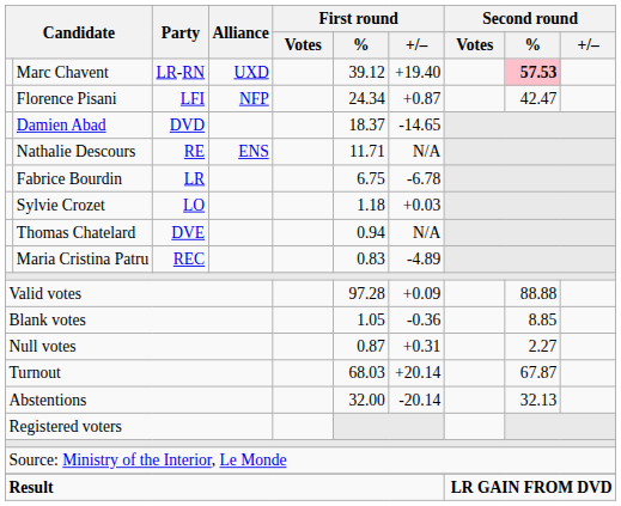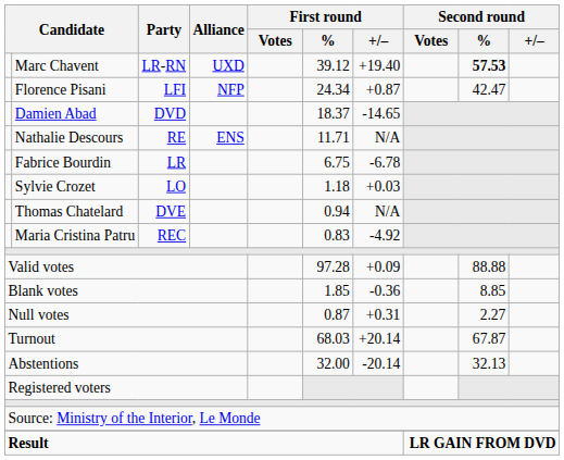 <table class="wikitable" style="text-align:right;font-size:95%;">
 <tr>
 <th rowspan="2" colspan="2">Candidate</th>
 <th rowspan="2">Party</th>
 <th rowspan="2">Alliance</th>
 <th colspan="3">First round</th>
 <th colspan="3">Second round</th>
 </tr>
 <tr>
 <th style="width:50px;">Votes</th>
 <th style="width:45px;">%</th>
 <th style="width:45px;">+/–</th>
 <th style="width:50px;">Votes</th>
 <th style="width:45px;">%</th>
 <th style="width:45px;">+/–</th>
 </tr>
 <tr>
 <td style="color:inherit;background:"></td>
 <td style="text-align:left;">Marc Chavent</td>
 <td><a href='#'>LR</a>-<a href='#'>RN</a></td>
 <td><a href='#'>UXD</a></td>
 <td></td>
 <td>39.12</td>
 <td>+19.40</td>
 <td><strong></strong></td>
-<td style="background: pink;"><strong>57.53</strong></td>
+<td><strong>57.53</strong></td>
 <td></td>
 </tr>
 <tr>
 <td style="color:inherit;background:"></td>
 <td style="text-align:left;">Florence Pisani</td>
 <td><a href='#'>LFI</a></td>
 <td><a href='#'>NFP</a></td>
 <td></td>
 <td>24.34</td>
 <td>+0.87</td>
 <td></td>
 <td>42.47</td>
 <td></td>
 </tr>
 <tr>
 <td style="color:inherit;background:"></td>
 <td style="text-align:left;"><a href='#'>Damien Abad</a></td>
 <td><a href='#'>DVD</a></td>
 <td></td>
 <td></td>
 <td>18.37</td>
 <td>-14.65</td>
 <td colspan="3" style="background:#E9E9E9;"></td>
 </tr>
 <tr>
 <td style="color:inherit;background:"></td>
 <td style="text-align:left;">Nathalie Descours</td>
 <td><a href='#'>RE</a></td>
 <td><a href='#'>ENS</a></td>
 <td></td>
 <td>11.71</td>
 <td>N/A</td>
 <td colspan="3" style="background:#E9E9E9;"></td>
 </tr>
 <tr>
 <td style="color:inherit;background:"></td>
 <td style="text-align:left;">Fabrice Bourdin</td>
 <td><a href='#'>LR</a></td>
 <td></td>
 <td></td>
 <td>6.75</td>
 <td>-6.78</td>
 <td colspan="3" style="background:#E9E9E9;"></td>
 </tr>
 <tr>
 <td style="color:inherit;background:"></td>
 <td style="text-align:left;">Sylvie Crozet</td>
 <td><a href='#'>LO</a></td>
 <td></td>
 <td></td>
 <td>1.18</td>
 <td>+0.03</td>
 <td colspan="3" style="background:#E9E9E9;"></td>
 </tr>
 <tr>
 <td style="color:inherit;background:"></td>
 <td style="text-align:left;">Thomas Chatelard</td>
 <td><a href='#'>DVE</a></td>
 <td></td>
 <td></td>
 <td>0.94</td>
 <td>N/A</td>
 <td colspan="3" style="background:#E9E9E9;"></td>
 </tr>
 <tr>
 <td style="color:inherit;background:"></td>
 <td style="text-align:left;">Maria Cristina Patru</td>
 <td><a href='#'>REC</a></td>
 <td></td>
 <td></td>
 <td>0.83</td>
-<td>-4.89</td>
+<td>-4.92</td>
 <td colspan="3" style="background:#E9E9E9;"></td>
 </tr>
 <tr>
 <td colspan="10" style="background:#E9E9E9;"></td>
 </tr>
 <tr>
 <td colspan="4" style="text-align:left;">Valid votes</td>
 <td></td>
 <td>97.28</td>
 <td>+0.09</td>
 <td></td>
 <td>88.88</td>
 <td></td>
 </tr>
 <tr>
 <td colspan="4" style="text-align:left;">Blank votes</td>
 <td></td>
-<td>1.05</td>
+<td>1.85</td>
 <td>-0.36</td>
 <td></td>
 <td>8.85</td>
 <td></td>
 </tr>
 <tr>
 <td colspan="4" style="text-align:left;">Null votes</td>
 <td></td>
 <td>0.87</td>
 <td>+0.31</td>
 <td></td>
 <td>2.27</td>
 <td></td>
 </tr>
 <tr>
 <td colspan="4" style="text-align:left;">Turnout</td>
 <td></td>
 <td>68.03</td>
 <td>+20.14</td>
 <td></td>
 <td>67.87</td>
 <td></td>
 </tr>
 <tr>
 <td colspan="4" style="text-align:left;">Abstentions</td>
 <td></td>
 <td>32.00</td>
 <td>-20.14</td>
 <td></td>
 <td>32.13</td>
 <td></td>
 </tr>
 <tr>
 <td colspan="4" style="text-align:left;">Registered voters</td>
 <td></td>
 <td colspan="2" style="background:#E9E9E9;"></td>
 <td></td>
 <td colspan="2" style="background:#E9E9E9;"></td>
 </tr>
 <tr>
 <td colspan="10" style="background:#E9E9E9;"></td>
 </tr>
 <tr>
 <td colspan="10" style="text-align:left;">Source: <a href='#'>Ministry of the Interior</a>, <a href='#'>Le Monde</a></td>
 </tr>
 <tr>
 </tr>
 <tr style="font-weight:bold">
 <td colspan="7" style="text-align:left;">Result</td>
 <td colspan="7" style="background-color:">LR GAIN FROM DVD</td>
 </tr>
 </table>
